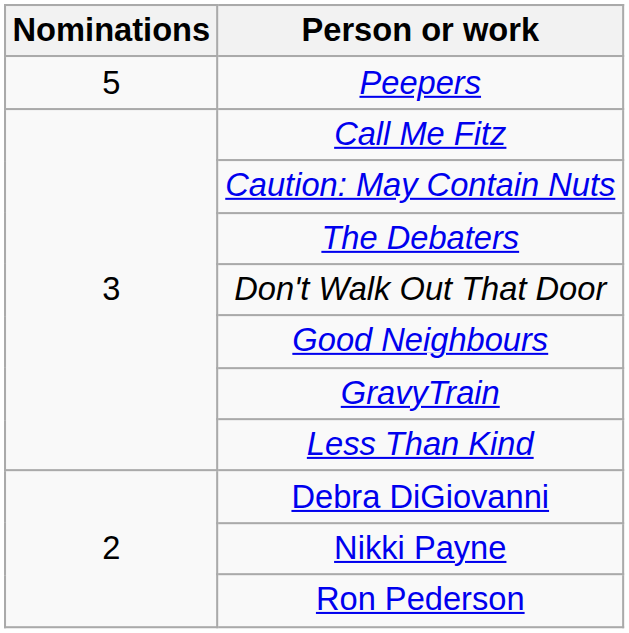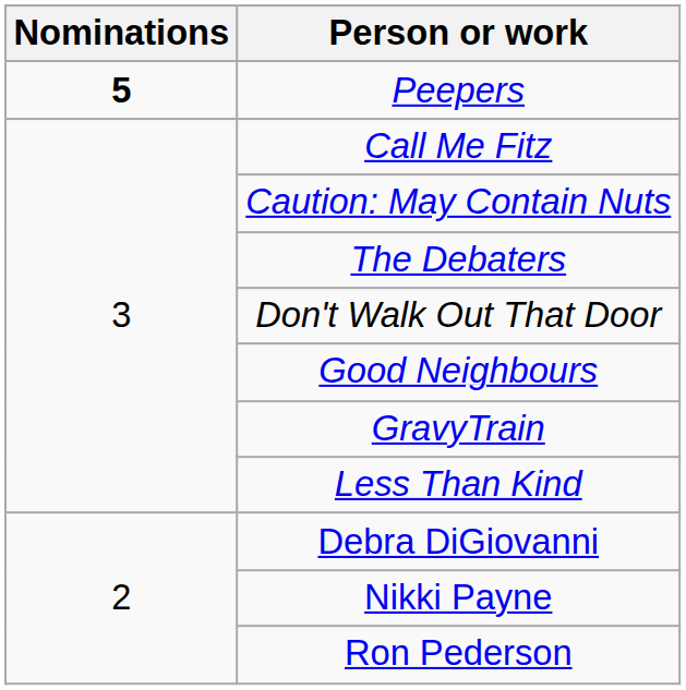 <table class="wikitable sortable" style="text-align:center">
 <tr>
 <th scope="col" style="width:55px;">Nominations</th>
 <th scope="col" style="text-align:center;">Person or work</th>
 </tr>
 <tr>
-<td style="text-align:center">5</td>
+<td style="text-align:center"><strong>5</strong></td>
 <td><em><a href='#'>Peepers</a></em></td>
 </tr>
 <tr>
 <td rowspan=7 style="text-align:center">3</td>
 <td><em><a href='#'>Call Me Fitz</a></em></td>
 </tr>
 <tr>
 <td><em><a href='#'>Caution: May Contain Nuts</a></em></td>
 </tr>
 <tr>
 <td><em><a href='#'>The Debaters</a></em></td>
 </tr>
 <tr>
 <td><em>Don't Walk Out That Door</em></td>
 </tr>
 <tr>
 <td><em><a href='#'>Good Neighbours</a></em></td>
 </tr>
 <tr>
 <td><em><a href='#'>GravyTrain</a></em></td>
 </tr>
 <tr>
 <td><em><a href='#'>Less Than Kind</a></em></td>
 </tr>
 <tr>
 <td rowspan=3 style="text-align:center">2</td>
 <td><a href='#'>Debra DiGiovanni</a></td>
 </tr>
 <tr>
 <td><a href='#'>Nikki Payne</a></td>
 </tr>
 <tr>
 <td><a href='#'>Ron Pederson</a></td>
 </tr>
 </table>
